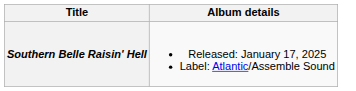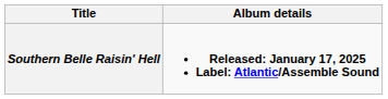 <table class="wikitable plainrowheaders" style="text-align:center;">
 <tr>
 <th scope="col">Title</th>
 <th scope="col">Album details</th>
 </tr>
 <tr>
 <th scope="row"><em>Southern Belle Raisin' Hell</em></th>
-<td><br><ul><li>Released: January 17, 2025</li><li>Label: <a href='#'>Atlantic</a>/Assemble Sound</li></ul></td>
+<td><strong><br><ul><li>Released: January 17, 2025</li><li>Label: <a href='#'>Atlantic</a>/Assemble Sound</li></ul></strong></td>
 </tr>
 </table>
